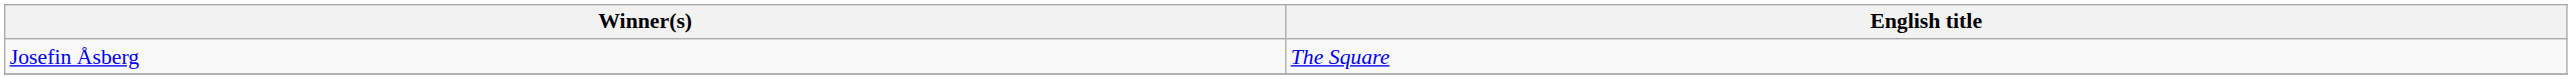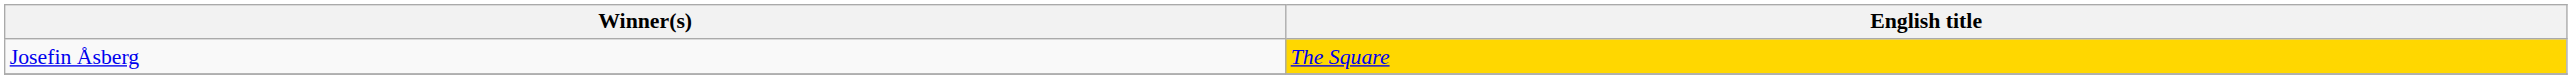 <table class="wikitable" width="95%" cellpadding="5">
 <tr>
 <th width="18%">Winner(s)</th>
 <th width="18%">English title</th>
 </tr>
 <tr>
 <td> <a href='#'>Josefin Åsberg</a></td>
-<td><em><a href='#'>The Square</a></em></td>
+<td style="background: gold;"><em><a href='#'>The Square</a></em></td>
 </tr>
 <tr>
 </tr>
 </table>
